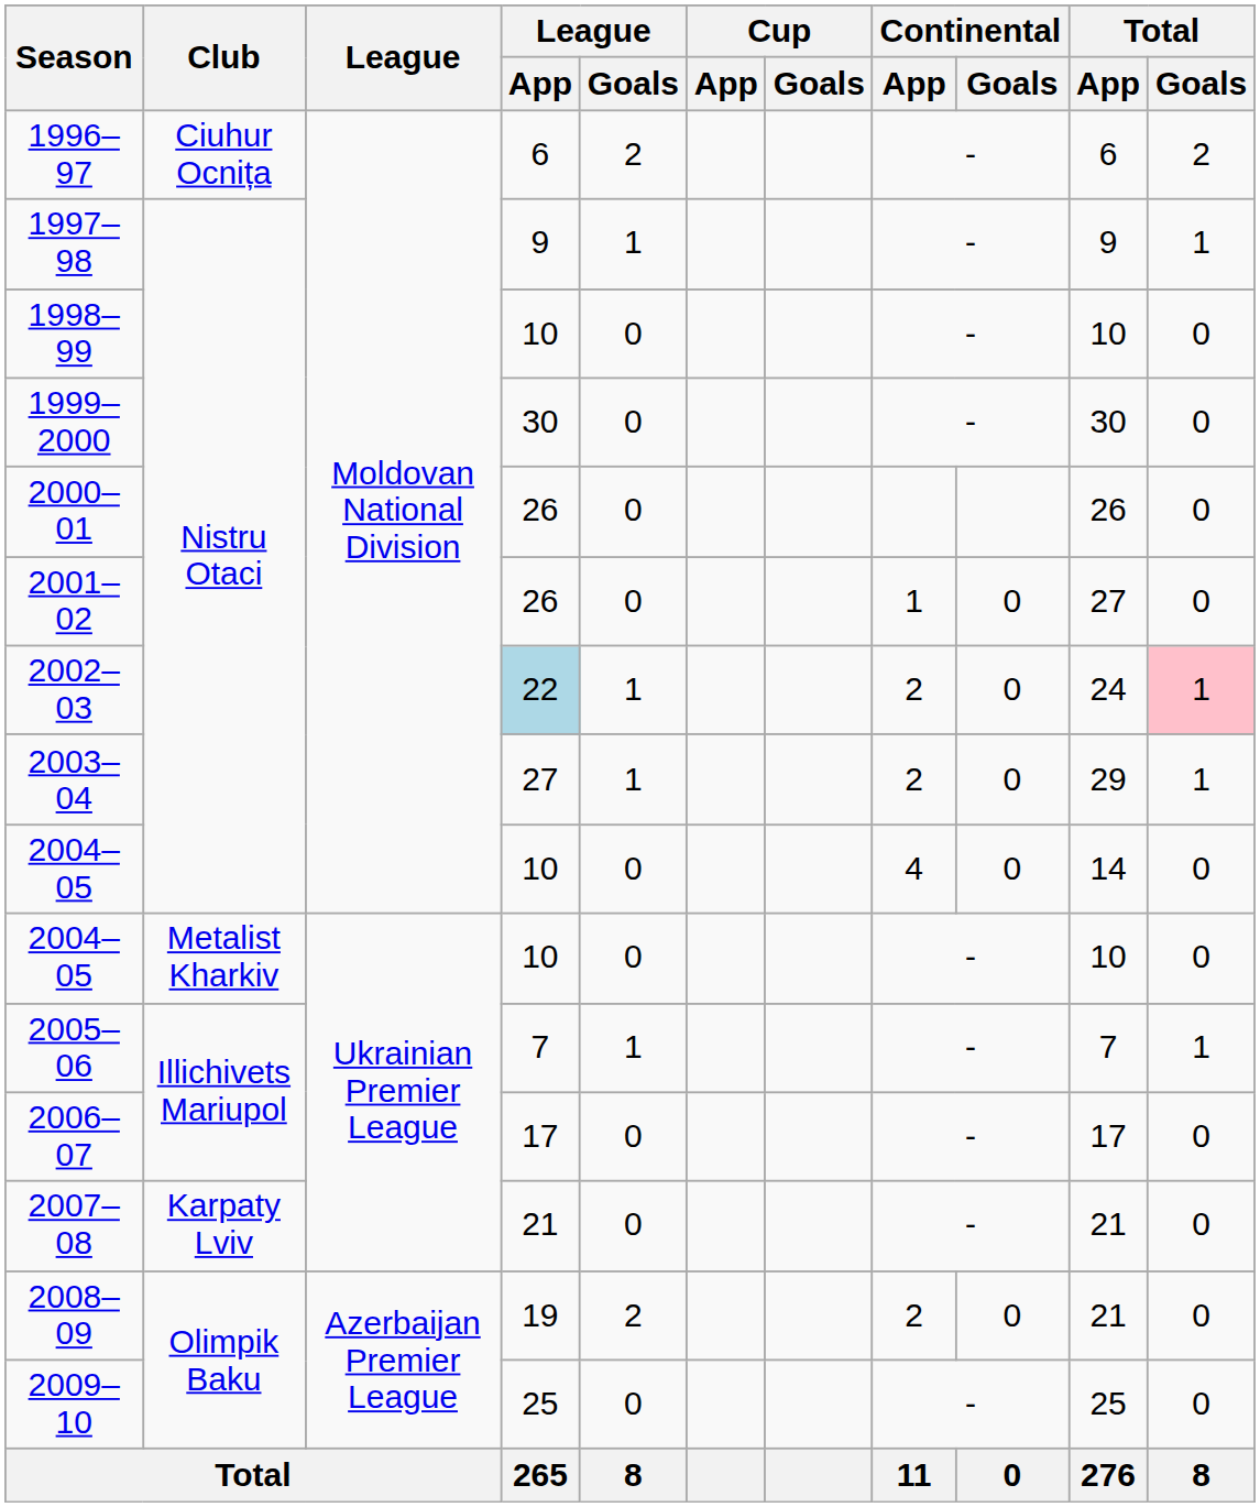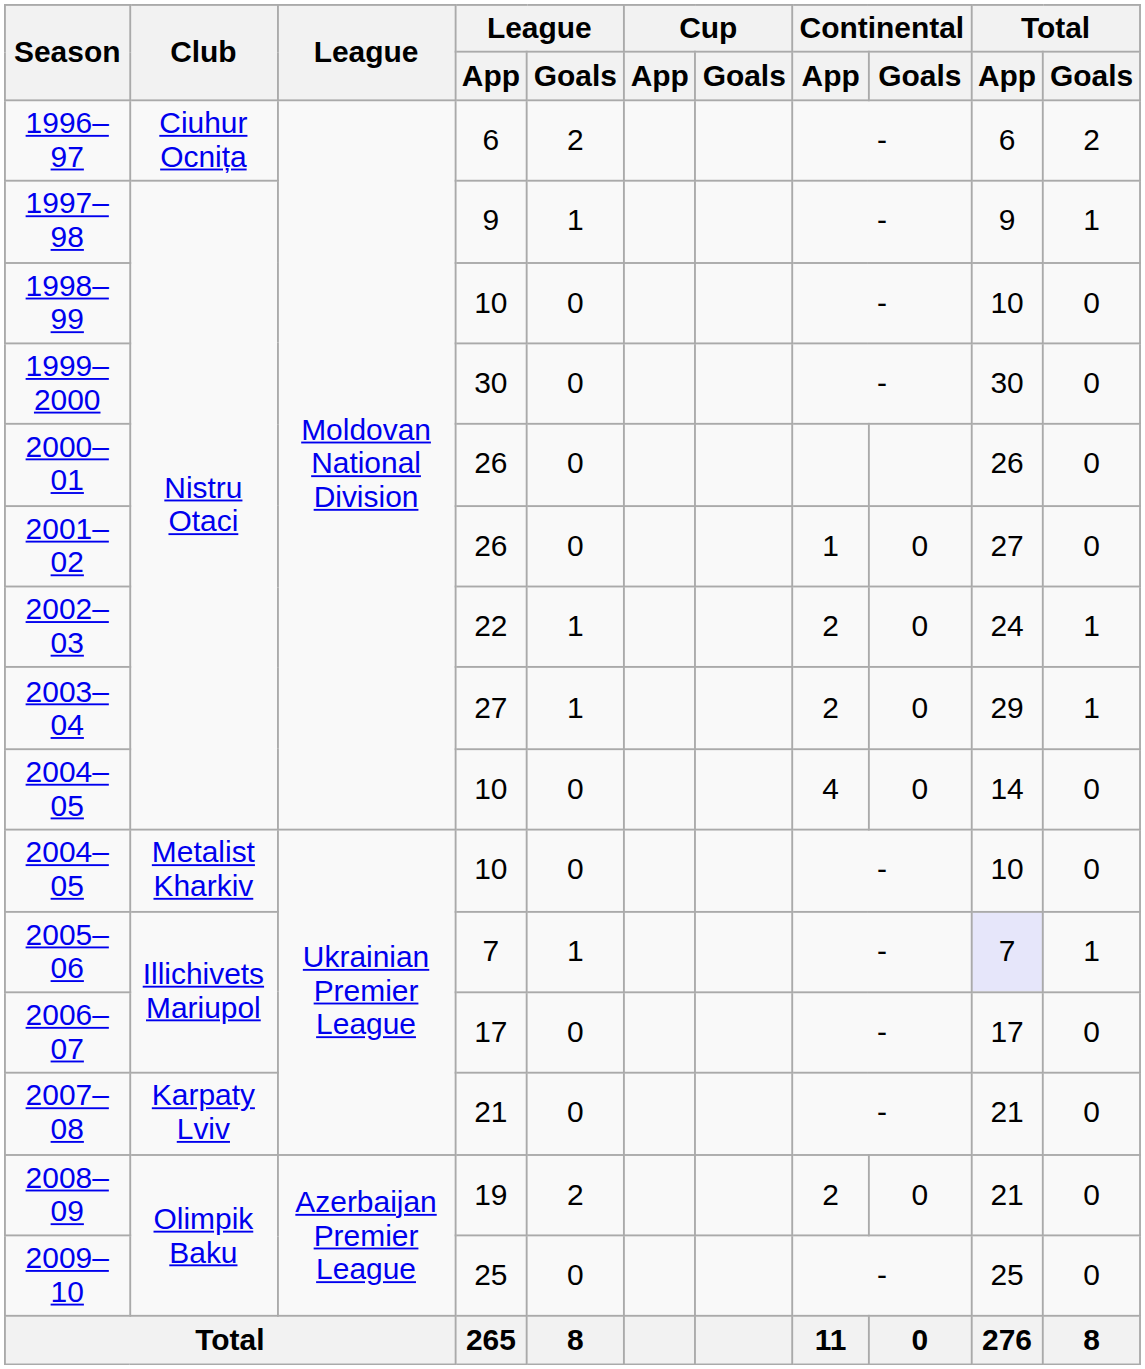 <table class="wikitable">
 <tr>
 <th rowspan=2>Season</th>
 <th ! rowspan=2>Club</th>
 <th ! rowspan=2>League</th>
 <th ! colspan=2>League</th>
 <th ! colspan=2>Cup</th>
 <th ! colspan=2>Continental</th>
 <th colspan=3>Total</th>
 </tr>
 <tr>
 <th>App</th>
 <th>Goals</th>
 <th>App</th>
 <th>Goals</th>
 <th>App</th>
 <th>Goals</th>
 <th>App</th>
 <th>Goals</th>
 </tr>
 <tr align=center>
 <td><a href='#'>1996–97</a></td>
 <td><a href='#'>Ciuhur Ocnița</a></td>
 <td rowspan="9"><a href='#'>Moldovan National Division</a></td>
 <td>6</td>
 <td>2</td>
 <td></td>
 <td></td>
 <td colspan="2">-</td>
 <td>6</td>
 <td>2</td>
 </tr>
 <tr align=center>
 <td><a href='#'>1997–98</a></td>
 <td rowspan="8"><a href='#'>Nistru Otaci</a></td>
 <td>9</td>
 <td>1</td>
 <td></td>
 <td></td>
 <td colspan="2">-</td>
 <td>9</td>
 <td>1</td>
 </tr>
 <tr align=center>
 <td><a href='#'>1998–99</a></td>
 <td>10</td>
 <td>0</td>
 <td></td>
 <td></td>
 <td colspan="2">-</td>
 <td>10</td>
 <td>0</td>
 </tr>
 <tr align=center>
 <td><a href='#'>1999–2000</a></td>
 <td>30</td>
 <td>0</td>
 <td></td>
 <td></td>
 <td colspan="2">-</td>
 <td>30</td>
 <td>0</td>
 </tr>
 <tr align=center>
 <td><a href='#'>2000–01</a></td>
 <td>26</td>
 <td>0</td>
 <td></td>
 <td></td>
 <td></td>
 <td></td>
 <td>26</td>
 <td>0</td>
 </tr>
 <tr align=center>
 <td><a href='#'>2001–02</a></td>
 <td>26</td>
 <td>0</td>
 <td></td>
 <td></td>
 <td>1</td>
 <td>0</td>
 <td>27</td>
 <td>0</td>
 </tr>
 <tr align=center>
 <td><a href='#'>2002–03</a></td>
-<td style="background: lightblue;">22</td>
+<td>22</td>
 <td>1</td>
 <td></td>
 <td></td>
 <td>2</td>
 <td>0</td>
 <td>24</td>
-<td style="background: pink;">1</td>
+<td>1</td>
 </tr>
 <tr align=center>
 <td><a href='#'>2003–04</a></td>
 <td>27</td>
 <td>1</td>
 <td></td>
 <td></td>
 <td>2</td>
 <td>0</td>
 <td>29</td>
 <td>1</td>
 </tr>
 <tr align=center>
 <td><a href='#'>2004–05</a></td>
 <td>10</td>
 <td>0</td>
 <td></td>
 <td></td>
 <td>4</td>
 <td>0</td>
 <td>14</td>
 <td>0</td>
 </tr>
 <tr align=center>
 <td><a href='#'>2004–05</a></td>
 <td><a href='#'>Metalist Kharkiv</a></td>
 <td rowspan="4"><a href='#'>Ukrainian Premier League</a></td>
 <td>10</td>
 <td>0</td>
 <td></td>
 <td></td>
 <td colspan="2">-</td>
 <td>10</td>
 <td>0</td>
 </tr>
 <tr align=center>
 <td><a href='#'>2005–06</a></td>
 <td rowspan="2"><a href='#'>Illichivets Mariupol</a></td>
 <td>7</td>
 <td>1</td>
 <td></td>
 <td></td>
 <td colspan="2">-</td>
-<td>7</td>
+<td style="background: lavender;">7</td>
 <td>1</td>
 </tr>
 <tr align=center>
 <td><a href='#'>2006–07</a></td>
 <td>17</td>
 <td>0</td>
 <td></td>
 <td></td>
 <td colspan="2">-</td>
 <td>17</td>
 <td>0</td>
 </tr>
 <tr align=center>
 <td><a href='#'>2007–08</a></td>
 <td><a href='#'>Karpaty Lviv</a></td>
 <td>21</td>
 <td>0</td>
 <td></td>
 <td></td>
 <td colspan="2">-</td>
 <td>21</td>
 <td>0</td>
 </tr>
 <tr align=center>
 <td><a href='#'>2008–09</a></td>
 <td rowspan="2"><a href='#'>Olimpik Baku</a></td>
 <td rowspan="2"><a href='#'>Azerbaijan Premier League</a></td>
 <td>19</td>
 <td>2</td>
 <td></td>
 <td></td>
 <td>2</td>
 <td>0</td>
 <td>21</td>
 <td>0</td>
 </tr>
 <tr align=center>
 <td><a href='#'>2009–10</a></td>
 <td>25</td>
 <td>0</td>
 <td></td>
 <td></td>
 <td colspan="2">-</td>
 <td>25</td>
 <td>0</td>
 </tr>
 <tr align=center>
 <th colspan="3">Total</th>
 <th>265</th>
 <th>8</th>
 <th></th>
 <th></th>
 <th>11</th>
 <th>0</th>
 <th>276</th>
 <th>8</th>
 </tr>
 </table>
